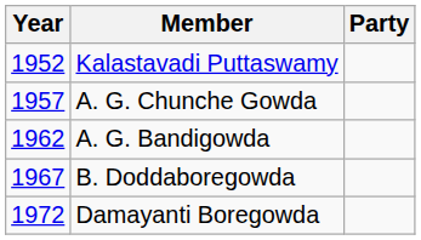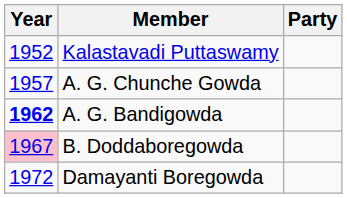 <table class="wikitable sortable">
 <tr>
 <th>Year</th>
 <th>Member</th>
 <th colspan="2">Party</th>
 </tr>
 <tr>
 <td><a href='#'>1952</a></td>
 <td><a href='#'>Kalastavadi Puttaswamy</a></td>
 <td></td>
 </tr>
 <tr>
 <td><a href='#'>1957</a></td>
 <td>A. G. Chunche Gowda</td>
 <td></td>
 </tr>
 <tr>
-<td><a href='#'>1962</a></td>
+<td><strong><a href='#'>1962</a></strong></td>
 <td>A. G. Bandigowda</td>
 <td></td>
 </tr>
 <tr>
-<td><a href='#'>1967</a></td>
+<td style="background: pink;"><a href='#'>1967</a></td>
 <td>B. Doddaboregowda</td>
 <td></td>
 </tr>
 <tr>
 <td><a href='#'>1972</a></td>
 <td>Damayanti Boregowda</td>
 <td></td>
 </tr>
 </table>
